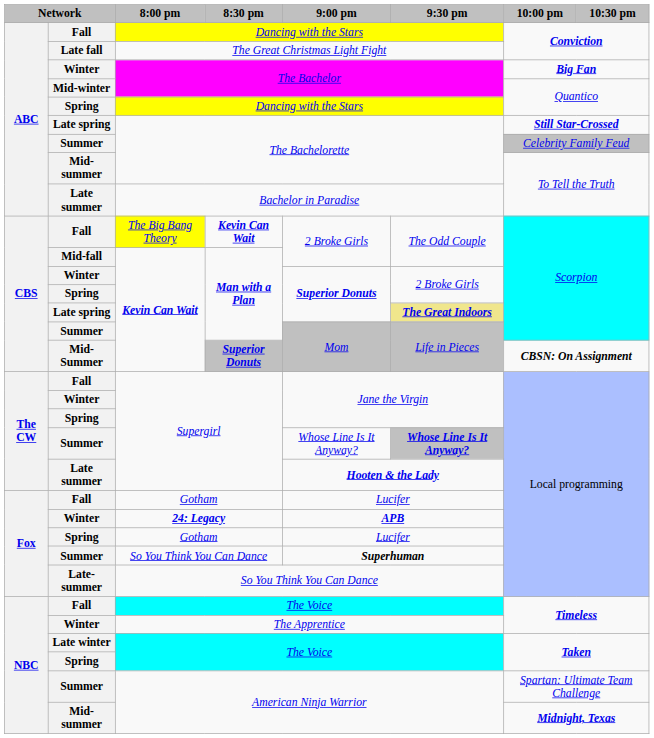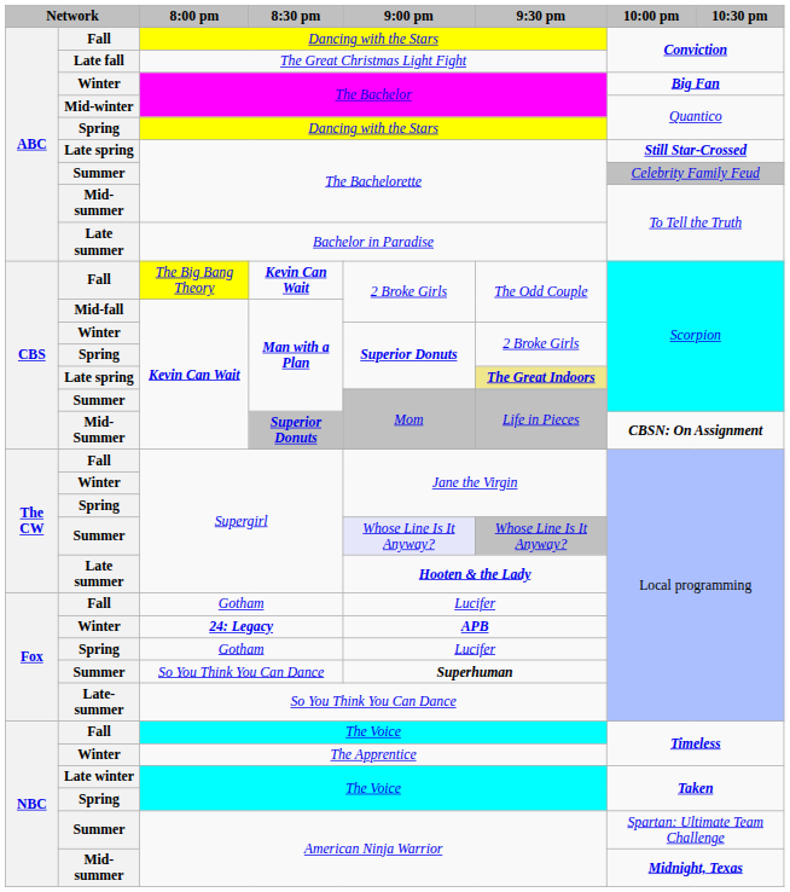 <table class="wikitable" style="width:100%;margin-right:0;text-align:center">
 <tr>
 <th colspan="2" style="background-color:#C0C0C0;text-align:center">Network</th>
 <th style="background-color:#C0C0C0;text-align:center">8:00 pm</th>
 <th style="background-color:#C0C0C0;text-align:center">8:30 pm</th>
 <th style="background-color:#C0C0C0;text-align:center">9:00 pm</th>
 <th style="background-color:#C0C0C0;text-align:center">9:30 pm</th>
 <th style="background-color:#C0C0C0;text-align:center">10:00 pm</th>
 <th style="background-color:#C0C0C0;text-align:center">10:30 pm</th>
 </tr>
 <tr>
 <th rowspan="9"><a href='#'>ABC</a></th>
 <th>Fall</th>
 <td colspan="4" style="background:#FFFF00"><em><a href='#'>Dancing with the Stars</a></em> </td>
 <td rowspan="2" colspan="2"><strong><em><a href='#'>Conviction</a></em></strong></td>
 </tr>
 <tr>
 <th>Late fall</th>
 <td colspan="4"><em><a href='#'>The Great Christmas Light Fight</a></em></td>
 </tr>
 <tr>
 <th>Winter</th>
 <td rowspan="2" style="background:#FF00FF;" colspan="4"><em><a href='#'>The Bachelor</a></em> </td>
 <td colspan="2"><strong><em><a href='#'>Big Fan</a></em></strong></td>
 </tr>
 <tr>
 <th>Mid-winter</th>
 <td rowspan="2" colspan="2"><em><a href='#'>Quantico</a></em></td>
 </tr>
 <tr>
 <th>Spring</th>
 <td colspan="4" style="background:#FFFF00"><em><a href='#'>Dancing with the Stars</a></em> </td>
 </tr>
 <tr>
 <th>Late spring</th>
 <td rowspan="3" colspan="4"><em><a href='#'>The Bachelorette</a></em></td>
 <td colspan="2"><strong><em><a href='#'>Still Star-Crossed</a></em></strong></td>
 </tr>
 <tr>
 <th>Summer</th>
 <td style="background:#C0C0C0;" colspan="2"><em><a href='#'>Celebrity Family Feud</a></em> </td>
 </tr>
 <tr>
 <th>Mid-summer</th>
 <td rowspan="2" colspan="2"><em><a href='#'>To Tell the Truth</a></em></td>
 </tr>
 <tr>
 <th>Late summer</th>
 <td colspan="4"><em><a href='#'>Bachelor in Paradise</a></em></td>
 </tr>
 <tr>
 <th rowspan="7"><a href='#'>CBS</a></th>
 <th>Fall</th>
 <td style="background:#FFFF00"><em><a href='#'>The Big Bang Theory</a></em> </td>
 <td><strong><em><a href='#'>Kevin Can Wait</a></em></strong></td>
 <td rowspan="2"><em><a href='#'>2 Broke Girls</a></em></td>
 <td rowspan="2"><em><a href='#'>The Odd Couple</a></em></td>
 <td rowspan="6" colspan="2" style="background:#00FFFF"><em><a href='#'>Scorpion</a></em> </td>
 </tr>
 <tr>
 <th>Mid-fall</th>
 <td rowspan="6"><strong><em><a href='#'>Kevin Can Wait</a></em></strong></td>
 <td rowspan="5"><strong><em><a href='#'>Man with a Plan</a></em></strong></td>
 </tr>
 <tr>
 <th>Winter</th>
 <td rowspan="3"><strong><em><a href='#'>Superior Donuts</a></em></strong></td>
 <td rowspan="2"><em><a href='#'>2 Broke Girls</a></em></td>
 </tr>
 <tr>
 <th>Spring</th>
 </tr>
 <tr>
 <th>Late spring</th>
 <td style="background: khaki;"><strong><em><a href='#'>The Great Indoors</a></em></strong></td>
 </tr>
 <tr>
 <th>Summer</th>
 <td style="background:#C0C0C0;" rowspan="2"><em><a href='#'>Mom</a></em> </td>
 <td style="background:#C0C0C0;" rowspan="2"><em><a href='#'>Life in Pieces</a></em> </td>
 </tr>
 <tr>
 <th>Mid-Summer</th>
 <td style="background:#C0C0C0;"><strong><em><a href='#'>Superior Donuts</a></em></strong> </td>
 <td colspan="2"><strong><em>CBSN: On Assignment</em></strong></td>
 </tr>
 <tr>
 <th rowspan="5"><a href='#'>The CW</a></th>
 <th>Fall</th>
 <td rowspan="5" colspan="2"><em><a href='#'>Supergirl</a></em></td>
 <td rowspan="3" colspan="2"><em><a href='#'>Jane the Virgin</a></em></td>
 <td style="background:#abbfff;" colspan="2" rowspan="10">Local programming</td>
 </tr>
 <tr>
 <th>Winter</th>
 </tr>
 <tr>
 <th>Spring</th>
 </tr>
 <tr>
 <th>Summer</th>
-<td><em><a href='#'>Whose Line Is It Anyway?</a></em></td>
-<td style="background:#C0C0C0;"><strong><em><a href='#'>Whose Line Is It Anyway?</a></em> </strong></td>
+<td style="background: lavender;"><em><a href='#'>Whose Line Is It Anyway?</a></em></td>
+<td style="background:#C0C0C0;"><em><a href='#'>Whose Line Is It Anyway?</a></em> </td>
 </tr>
 <tr>
 <th>Late summer</th>
 <td colspan="2"><strong><em><a href='#'>Hooten & the Lady</a></em></strong></td>
 </tr>
 <tr>
 <th rowspan="5"><a href='#'>Fox</a></th>
 <th>Fall</th>
 <td colspan="2"><em><a href='#'>Gotham</a></em></td>
 <td colspan="2"><em><a href='#'>Lucifer</a></em></td>
 </tr>
 <tr>
 <th>Winter</th>
 <td colspan="2"><strong><em><a href='#'>24: Legacy</a></em></strong></td>
 <td colspan="2"><strong><em><a href='#'>APB</a></em></strong></td>
 </tr>
 <tr>
 <th>Spring</th>
 <td colspan="2"><em><a href='#'>Gotham</a></em></td>
 <td colspan="2"><em><a href='#'>Lucifer</a></em></td>
 </tr>
 <tr>
 <th>Summer</th>
 <td colspan="2"><em><a href='#'>So You Think You Can Dance</a></em></td>
 <td colspan="2"><strong><em>Superhuman</em></strong></td>
 </tr>
 <tr>
 <th>Late-summer</th>
 <td colspan="4"><em><a href='#'>So You Think You Can Dance</a></em></td>
 </tr>
 <tr>
 <th rowspan="7"><a href='#'>NBC</a></th>
 <th>Fall</th>
 <td colspan="4" style="background:#00FFFF"><em><a href='#'>The Voice</a></em> </td>
 <td colspan="2" rowspan="2"><strong><em><a href='#'>Timeless</a></em></strong></td>
 </tr>
 <tr>
 <th>Winter</th>
 <td colspan="4"><em><a href='#'>The Apprentice</a></em></td>
 </tr>
 <tr>
 <th>Late winter</th>
 <td colspan="4" rowspan="2" style="background:#00FFFF"><em><a href='#'>The Voice</a></em> </td>
 <td colspan="2" rowspan="2"><strong><em><a href='#'>Taken</a></em></strong></td>
 </tr>
 <tr>
 <th>Spring</th>
 </tr>
 <tr>
 <th>Summer</th>
 <td rowspan="2" colspan="4"><em><a href='#'>American Ninja Warrior</a></em></td>
 <td colspan="2"><em><a href='#'>Spartan: Ultimate Team Challenge</a></em></td>
 </tr>
 <tr>
 <th>Mid-summer</th>
 <td colspan="2"><strong><em><a href='#'>Midnight, Texas</a></em></strong></td>
 </tr>
 </table>
